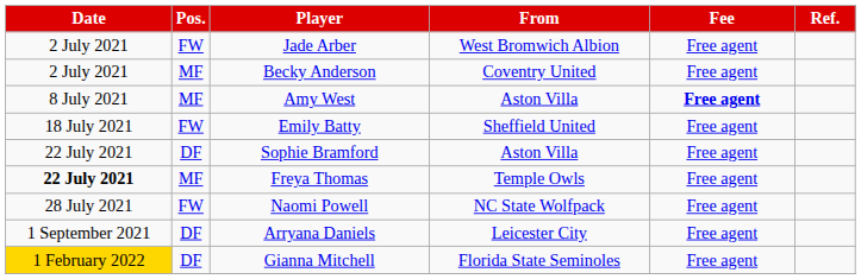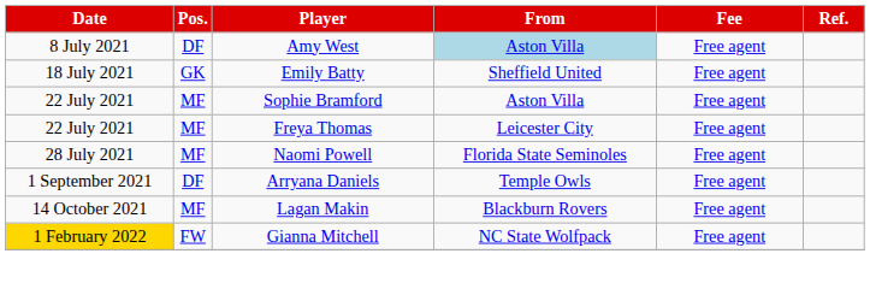 <table class="wikitable" style="text-align:center;">
 <tr>
 <th style="background:#DD0000; color:#FFFFFF; width:150px;">Date</th>
 <th style="background:#DD0000; color:#FFFFFF; width:20px;">Pos.</th>
 <th style="background:#DD0000; color:#FFFFFF; width:200px;">Player</th>
 <th style="background:#DD0000; color:#FFFFFF; width:200px;">From</th>
 <th style="background:#DD0000; color:#FFFFFF; width:130px;">Fee</th>
 <th style="background:#DD0000; color:#FFFFFF; width:50px;">Ref.</th>
 </tr>
 <tr>
-<td>2 July 2021</td>
-<td><a href='#'>FW</a></td>
-<td><a href='#'>Jade Arber</a></td>
-<td><a href='#'>West Bromwich Albion</a></td>
+<td>8 July 2021</td>
+<td><a href='#'>DF</a></td>
+<td><a href='#'>Amy West</a></td>
+<td style="background: lightblue;"><a href='#'>Aston Villa</a></td>
 <td><a href='#'>Free agent</a></td>
 <td></td>
 </tr>
 <tr>
-<td>2 July 2021</td>
-<td><a href='#'>MF</a></td>
-<td><a href='#'>Becky Anderson</a></td>
-<td><a href='#'>Coventry United</a></td>
-<td><a href='#'>Free agent</a></td>
-<td></td>
-</tr>
-<tr>
-<td>8 July 2021</td>
-<td><a href='#'>MF</a></td>
-<td><a href='#'>Amy West</a></td>
-<td><a href='#'>Aston Villa</a></td>
-<td><strong><a href='#'>Free agent</a></strong></td>
-<td></td>
-</tr>
-<tr>
 <td>18 July 2021</td>
-<td><a href='#'>FW</a></td>
+<td><a href='#'>GK</a></td>
 <td><a href='#'>Emily Batty</a></td>
 <td><a href='#'>Sheffield United</a></td>
 <td><a href='#'>Free agent</a></td>
 <td></td>
 </tr>
 <tr>
 <td>22 July 2021</td>
-<td><a href='#'>DF</a></td>
+<td><a href='#'>MF</a></td>
 <td><a href='#'>Sophie Bramford</a></td>
 <td><a href='#'>Aston Villa</a></td>
 <td><a href='#'>Free agent</a></td>
 <td></td>
 </tr>
 <tr>
-<td><strong>22 July 2021</strong></td>
+<td>22 July 2021</td>
 <td><a href='#'>MF</a></td>
 <td><a href='#'>Freya Thomas</a></td>
-<td><a href='#'>Temple Owls</a></td>
+<td><a href='#'>Leicester City</a></td>
 <td><a href='#'>Free agent</a></td>
 <td></td>
 </tr>
 <tr>
 <td>28 July 2021</td>
-<td><a href='#'>FW</a></td>
+<td><a href='#'>MF</a></td>
 <td><a href='#'>Naomi Powell</a></td>
-<td><a href='#'>NC State Wolfpack</a></td>
+<td><a href='#'>Florida State Seminoles</a></td>
 <td><a href='#'>Free agent</a></td>
 <td></td>
 </tr>
 <tr>
 <td>1 September 2021</td>
 <td><a href='#'>DF</a></td>
 <td><a href='#'>Arryana Daniels</a></td>
-<td><a href='#'>Leicester City</a></td>
+<td><a href='#'>Temple Owls</a></td>
+<td><a href='#'>Free agent</a></td>
+<td></td>
+</tr>
+<tr>
+<td>14 October 2021</td>
+<td><a href='#'>MF</a></td>
+<td><a href='#'>Lagan Makin</a></td>
+<td><a href='#'>Blackburn Rovers</a></td>
 <td><a href='#'>Free agent</a></td>
 <td></td>
 </tr>
 <tr>
 <td style="background: gold;">1 February 2022</td>
-<td><a href='#'>DF</a></td>
+<td><a href='#'>FW</a></td>
 <td><a href='#'>Gianna Mitchell</a></td>
-<td><a href='#'>Florida State Seminoles</a></td>
+<td><a href='#'>NC State Wolfpack</a></td>
 <td><a href='#'>Free agent</a></td>
 <td></td>
 </tr>
 <tr>
 </tr>
 </table>
